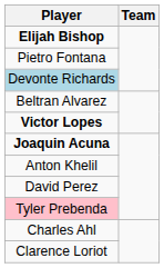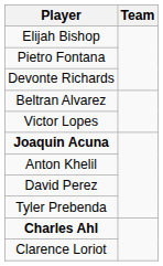 <table class="wikitable" style="text-align: center;">
 <tr>
 <th>Player</th>
 <th>Team</th>
 </tr>
 <tr>
-<td><strong>Elijah Bishop</strong></td>
+<td>Elijah Bishop</td>
 <td rowspan=3></td>
 </tr>
 <tr>
 <td>Pietro Fontana</td>
 </tr>
 <tr>
-<td style="background: lightblue;">Devonte Richards</td>
+<td>Devonte Richards</td>
 </tr>
 <tr>
 <td>Beltran Alvarez</td>
 <td rowspan=2></td>
 </tr>
 <tr>
-<td><strong>Victor Lopes</strong></td>
+<td>Victor Lopes</td>
 </tr>
 <tr>
 <td><strong>Joaquin Acuna</strong></td>
 <td rowspan=4></td>
 </tr>
 <tr>
 <td>Anton Khelil</td>
 </tr>
 <tr>
 <td>David Perez</td>
 </tr>
 <tr>
-<td style="background: pink;">Tyler Prebenda</td>
+<td>Tyler Prebenda</td>
 </tr>
 <tr>
-<td>Charles Ahl</td>
+<td><strong>Charles Ahl</strong></td>
 <td rowspan=2></td>
 </tr>
 <tr>
 <td>Clarence Loriot</td>
 </tr>
 </table>
